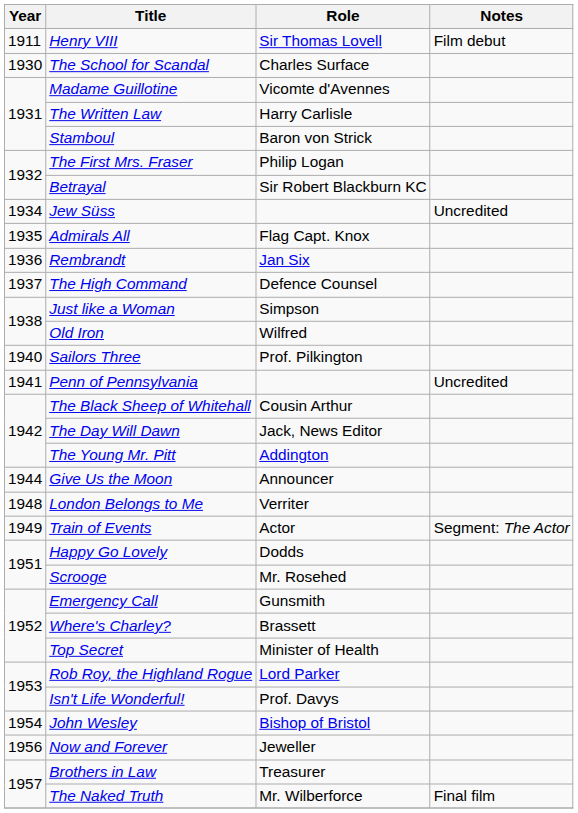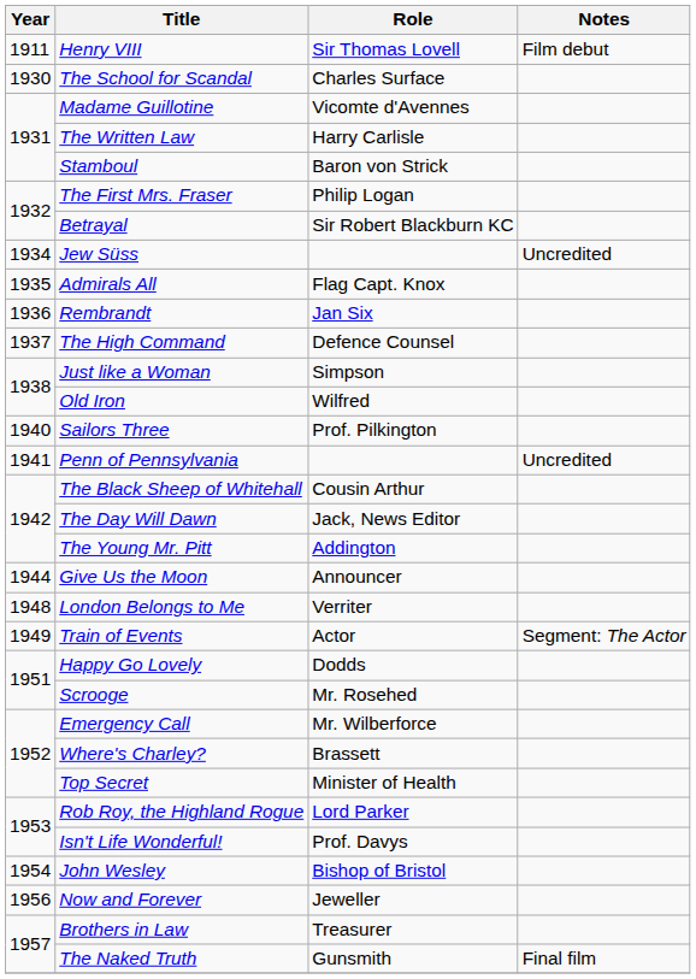 <table class="wikitable">
 <tr>
 <th>Year</th>
 <th>Title</th>
 <th>Role</th>
 <th>Notes</th>
 </tr>
 <tr>
 <td>1911</td>
 <td><em><a href='#'>Henry VIII</a></em></td>
 <td><a href='#'>Sir Thomas Lovell</a></td>
 <td>Film debut</td>
 </tr>
 <tr>
 <td>1930</td>
 <td><em><a href='#'>The School for Scandal</a></em></td>
 <td>Charles Surface</td>
 <td></td>
 </tr>
 <tr>
 <td rowspan=3>1931</td>
 <td><em><a href='#'>Madame Guillotine</a></em></td>
 <td>Vicomte d'Avennes</td>
 <td></td>
 </tr>
 <tr>
 <td><em><a href='#'>The Written Law</a></em></td>
 <td>Harry Carlisle</td>
 <td></td>
 </tr>
 <tr>
 <td><em><a href='#'>Stamboul</a></em></td>
 <td>Baron von Strick</td>
 <td></td>
 </tr>
 <tr>
 <td rowspan=2>1932</td>
 <td><em><a href='#'>The First Mrs. Fraser</a></em></td>
 <td>Philip Logan</td>
 <td></td>
 </tr>
 <tr>
 <td><em><a href='#'>Betrayal</a></em></td>
 <td>Sir Robert Blackburn KC</td>
 <td></td>
 </tr>
 <tr>
 <td>1934</td>
 <td><em><a href='#'>Jew Süss</a></em></td>
 <td></td>
 <td>Uncredited</td>
 </tr>
 <tr>
 <td>1935</td>
 <td><em><a href='#'>Admirals All</a></em></td>
 <td>Flag Capt. Knox</td>
 <td></td>
 </tr>
 <tr>
 <td>1936</td>
 <td><em><a href='#'>Rembrandt</a></em></td>
 <td><a href='#'>Jan Six</a></td>
 <td></td>
 </tr>
 <tr>
 <td>1937</td>
 <td><em><a href='#'>The High Command</a></em></td>
 <td>Defence Counsel</td>
 <td></td>
 </tr>
 <tr>
 <td rowspan=2>1938</td>
 <td><em><a href='#'>Just like a Woman</a></em></td>
 <td>Simpson</td>
 <td></td>
 </tr>
 <tr>
 <td><em><a href='#'>Old Iron</a></em></td>
 <td>Wilfred</td>
 <td></td>
 </tr>
 <tr>
 <td>1940</td>
 <td><em><a href='#'>Sailors Three</a></em></td>
 <td>Prof. Pilkington</td>
 <td></td>
 </tr>
 <tr>
 <td>1941</td>
 <td><em><a href='#'>Penn of Pennsylvania</a></em></td>
 <td></td>
 <td>Uncredited</td>
 </tr>
 <tr>
 <td rowspan=3>1942</td>
 <td><em><a href='#'>The Black Sheep of Whitehall</a></em></td>
 <td>Cousin Arthur</td>
 <td></td>
 </tr>
 <tr>
 <td><em><a href='#'>The Day Will Dawn</a></em></td>
 <td>Jack, News Editor</td>
 <td></td>
 </tr>
 <tr>
 <td><em><a href='#'>The Young Mr. Pitt</a></em></td>
 <td><a href='#'>Addington</a></td>
 <td></td>
 </tr>
 <tr>
 <td>1944</td>
 <td><em><a href='#'>Give Us the Moon</a></em></td>
 <td>Announcer</td>
 <td></td>
 </tr>
 <tr>
 <td>1948</td>
 <td><em><a href='#'>London Belongs to Me</a></em></td>
 <td>Verriter</td>
 <td></td>
 </tr>
 <tr>
 <td>1949</td>
 <td><em><a href='#'>Train of Events</a></em></td>
 <td>Actor</td>
 <td>Segment: <em>The Actor</em></td>
 </tr>
 <tr>
 <td rowspan=2>1951</td>
 <td><em><a href='#'>Happy Go Lovely</a></em></td>
 <td>Dodds</td>
 <td></td>
 </tr>
 <tr>
 <td><em><a href='#'>Scrooge</a></em></td>
 <td>Mr. Rosehed</td>
 <td></td>
 </tr>
 <tr>
 <td rowspan=3>1952</td>
 <td><em><a href='#'>Emergency Call</a></em></td>
-<td>Gunsmith</td>
+<td>Mr. Wilberforce</td>
 <td></td>
 </tr>
 <tr>
 <td><em><a href='#'>Where's Charley?</a></em></td>
 <td>Brassett</td>
 <td></td>
 </tr>
 <tr>
 <td><em><a href='#'>Top Secret</a></em></td>
 <td>Minister of Health</td>
 <td></td>
 </tr>
 <tr>
 <td rowspan=2>1953</td>
 <td><em><a href='#'>Rob Roy, the Highland Rogue</a></em></td>
 <td><a href='#'>Lord Parker</a></td>
 <td></td>
 </tr>
 <tr>
 <td><em><a href='#'>Isn't Life Wonderful!</a></em></td>
 <td>Prof. Davys</td>
 <td></td>
 </tr>
 <tr>
 <td>1954</td>
 <td><em><a href='#'>John Wesley</a></em></td>
 <td><a href='#'>Bishop of Bristol</a></td>
 <td></td>
 </tr>
 <tr>
 <td>1956</td>
 <td><em><a href='#'>Now and Forever</a></em></td>
 <td>Jeweller</td>
 <td></td>
 </tr>
 <tr>
 <td rowspan=2>1957</td>
 <td><em><a href='#'>Brothers in Law</a></em></td>
 <td>Treasurer</td>
 <td></td>
 </tr>
 <tr>
 <td><em><a href='#'>The Naked Truth</a></em></td>
-<td>Mr. Wilberforce</td>
+<td>Gunsmith</td>
 <td>Final film</td>
 </tr>
 <tr>
 </tr>
 </table>
